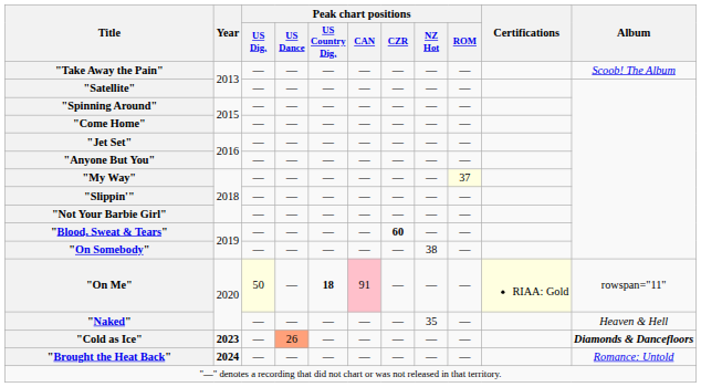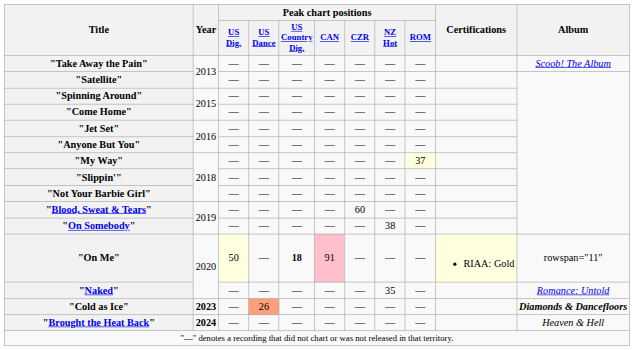 <table class="wikitable plainrowheaders" style="text-align:center;">
 <tr>
 <th scope="col" rowspan="2" style="width:18em;">Title</th>
 <th scope="col" rowspan="2" style="width:1em;">Year</th>
 <th scope="col" colspan="7">Peak chart positions</th>
 <th scope="col" rowspan="2">Certifications</th>
 <th scope="col" rowspan="2">Album</th>
 </tr>
 <tr>
 <th scope="col" style="width:3em;font-size:85%;"><a href='#'>US<br>Dig.</a><br></th>
 <th scope="col" style="width:3em;font-size:85%;"><a href='#'>US<br>Dance</a><br></th>
 <th scope="col" style="width:3em;font-size:85%;"><a href='#'>US<br>Country<br>Dig.</a><br></th>
 <th scope="col" style="width:3em;font-size:85%;"><a href='#'>CAN</a><br></th>
 <th scope="col" style="width:3em;font-size:85%;"><a href='#'>CZR</a><br></th>
 <th scope="col" style="width:3em;font-size:85%;"><a href='#'>NZ<br>Hot</a><br></th>
 <th scope="col" style="width:3em;font-size:85%;"><a href='#'>ROM</a><br></th>
 </tr>
 <tr>
 <th scope="row">"Take Away the Pain"</th>
 <td rowspan="2">2013</td>
 <td>—</td>
 <td>—</td>
 <td>—</td>
 <td>—</td>
 <td>—</td>
 <td>—</td>
 <td>—</td>
 <td></td>
 <td><em><a href='#'>Scoob! The Album</a></em></td>
 </tr>
 <tr>
 <th scope="row">"Satellite"</th>
 <td>—</td>
 <td>—</td>
 <td>—</td>
 <td>—</td>
 <td>—</td>
 <td>—</td>
 <td>—</td>
 <td></td>
 </tr>
 <tr>
 <th scope="row">"Spinning Around"</th>
 <td rowspan="2">2015</td>
 <td>—</td>
 <td>—</td>
 <td>—</td>
 <td>—</td>
 <td>—</td>
 <td>—</td>
 <td>—</td>
 <td></td>
 </tr>
 <tr>
 <th scope="row">"Come Home"</th>
 <td>—</td>
 <td>—</td>
 <td>—</td>
 <td>—</td>
 <td>—</td>
 <td>—</td>
 <td>—</td>
 <td></td>
 </tr>
 <tr>
 <th scope="row">"Jet Set"</th>
 <td rowspan="2">2016</td>
 <td>—</td>
 <td>—</td>
 <td>—</td>
 <td>—</td>
 <td>—</td>
 <td>—</td>
 <td>—</td>
 <td></td>
 </tr>
 <tr>
 <th scope="row">"Anyone But You"</th>
 <td>—</td>
 <td>—</td>
 <td>—</td>
 <td>—</td>
 <td>—</td>
 <td>—</td>
 <td>—</td>
 <td></td>
 </tr>
 <tr>
 <th scope="row">"My Way"</th>
 <td rowspan="3">2018</td>
 <td>—</td>
 <td>—</td>
 <td>—</td>
 <td>—</td>
 <td>—</td>
 <td>—</td>
 <td style="background: lightyellow;">37</td>
 <td></td>
 </tr>
 <tr>
 <th scope="row">"Slippin'"<br></th>
 <td>—</td>
 <td>—</td>
 <td>—</td>
 <td>—</td>
 <td>—</td>
 <td>—</td>
 <td>—</td>
 <td></td>
 </tr>
 <tr>
 <th scope="row">"Not Your Barbie Girl"</th>
 <td>—</td>
 <td>—</td>
 <td>—</td>
 <td>—</td>
 <td>—</td>
 <td>—</td>
 <td>—</td>
 <td></td>
 </tr>
 <tr>
 <th scope="row">"<a href='#'>Blood, Sweat & Tears</a>"</th>
 <td rowspan="2">2019</td>
 <td>—</td>
 <td>—</td>
 <td>—</td>
 <td>—</td>
-<td><strong>60</strong></td>
+<td>60</td>
 <td>—</td>
 <td>—</td>
 <td></td>
 </tr>
 <tr>
 <th scope="row">"<a href='#'>On Somebody</a>"</th>
 <td>—</td>
 <td>—</td>
 <td>—</td>
 <td>—</td>
 <td>—</td>
 <td>38</td>
 <td>—</td>
 <td></td>
 </tr>
 <tr>
 <th scope="row">"On Me"<br></th>
 <td rowspan="2">2020</td>
 <td style="background: lightyellow;">50</td>
 <td>—</td>
 <td><strong>18</strong></td>
 <td style="background: pink;">91</td>
 <td>—</td>
 <td>—</td>
 <td>—</td>
 <td style="background: lightyellow;"><br><ul><li>RIAA: Gold</li></ul></td>
 <td>rowspan="11" </td>
 </tr>
 <tr>
 <th scope="row">"<a href='#'>Naked</a>"</th>
 <td>—</td>
 <td>—</td>
 <td>—</td>
 <td>—</td>
 <td>—</td>
 <td>35</td>
 <td>—</td>
 <td></td>
-<td><em>Heaven & Hell</em></td>
+<td><em><a href='#'>Romance: Untold</a></em></td>
 </tr>
 <tr>
 <th scope="row">"Cold as Ice"</th>
 <td><strong>2023</strong></td>
 <td>—</td>
 <td style="background: lightsalmon;">26</td>
 <td>—</td>
 <td>—</td>
 <td>—</td>
 <td>—</td>
 <td>—</td>
 <td></td>
 <td><strong><em>Diamonds & Dancefloors</em></strong></td>
 </tr>
 <tr>
 <th scope="row">"<a href='#'>Brought the Heat Back</a>"<br></th>
 <td><strong>2024</strong></td>
 <td>—</td>
 <td>—</td>
 <td>—</td>
 <td>—</td>
 <td>—</td>
 <td>—</td>
 <td>—</td>
 <td></td>
-<td><em><a href='#'>Romance: Untold</a></em></td>
+<td><em>Heaven & Hell</em></td>
 </tr>
 <tr>
 <td colspan="13" style="font-size:85%;">"—" denotes a recording that did not chart or was not released in that territory.</td>
 </tr>
 </table>
